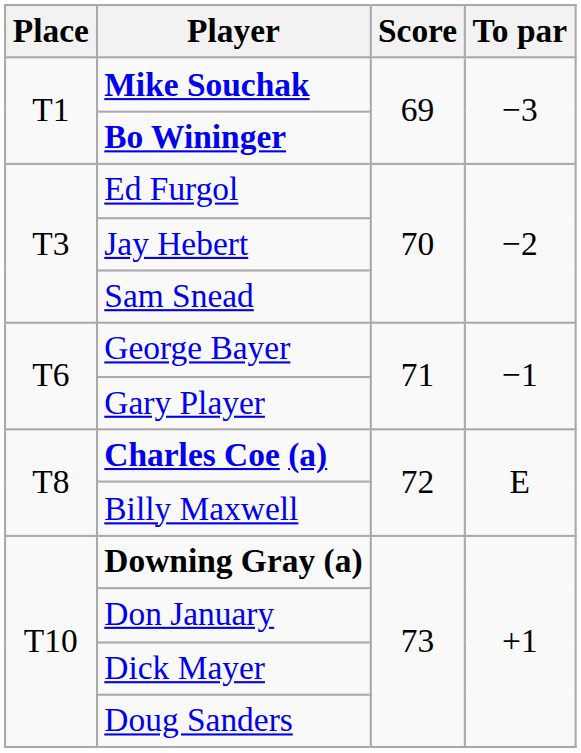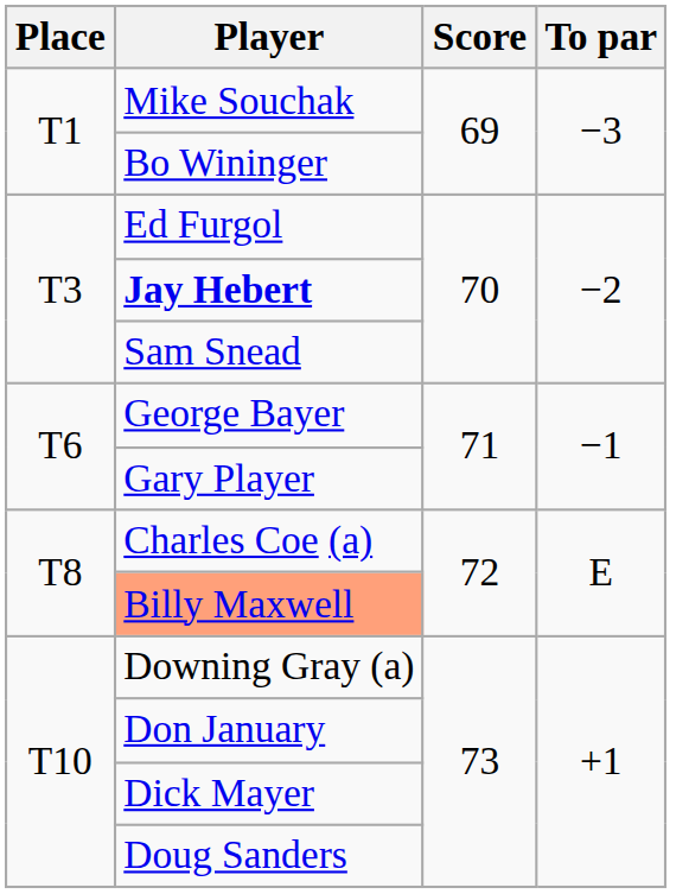 <table class="wikitable">
 <tr>
 <th>Place</th>
 <th>Player</th>
 <th>Score</th>
 <th>To par</th>
 </tr>
 <tr>
 <td rowspan="2" align="center">T1</td>
-<td><strong> <a href='#'>Mike Souchak</a></strong></td>
+<td> <a href='#'>Mike Souchak</a></td>
 <td rowspan="2" align="center">69</td>
 <td rowspan="2" align="center">−3</td>
 </tr>
 <tr>
-<td><strong> <a href='#'>Bo Wininger</a></strong></td>
+<td> <a href='#'>Bo Wininger</a></td>
 </tr>
 <tr>
 <td rowspan="3" align="center">T3</td>
 <td> <a href='#'>Ed Furgol</a></td>
 <td rowspan="3" align="center">70</td>
 <td rowspan="3" align="center">−2</td>
 </tr>
 <tr>
-<td> <a href='#'>Jay Hebert</a></td>
+<td><strong> <a href='#'>Jay Hebert</a></strong></td>
 </tr>
 <tr>
 <td> <a href='#'>Sam Snead</a></td>
 </tr>
 <tr>
 <td rowspan="2" align="center">T6</td>
 <td> <a href='#'>George Bayer</a></td>
 <td rowspan="2" align="center">71</td>
 <td rowspan="2" align="center">−1</td>
 </tr>
 <tr>
 <td> <a href='#'>Gary Player</a></td>
 </tr>
 <tr>
 <td rowspan="2" align="center">T8</td>
-<td><strong> <a href='#'>Charles Coe</a> <a href='#'>(a)</a></strong></td>
+<td> <a href='#'>Charles Coe</a> <a href='#'>(a)</a></td>
 <td rowspan="2" align="center">72</td>
 <td rowspan="2" align="center">E</td>
 </tr>
 <tr>
-<td> <a href='#'>Billy Maxwell</a></td>
+<td style="background: lightsalmon;"> <a href='#'>Billy Maxwell</a></td>
 </tr>
 <tr>
 <td rowspan="4" align="center">T10</td>
-<td><strong> Downing Gray (a)</strong></td>
+<td> Downing Gray (a)</td>
 <td rowspan="4" align="center">73</td>
 <td rowspan="4" align="center">+1</td>
 </tr>
 <tr>
 <td> <a href='#'>Don January</a></td>
 </tr>
 <tr>
 <td> <a href='#'>Dick Mayer</a></td>
 </tr>
 <tr>
 <td> <a href='#'>Doug Sanders</a></td>
 </tr>
 </table>
